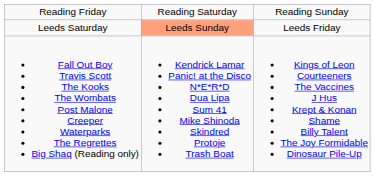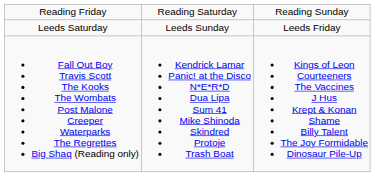 <table class="wikitable" style="text-align:center;">
 <tr>
 <td>Reading Friday</td>
 <td>Reading Saturday</td>
 <td>Reading Sunday</td>
 </tr>
 <tr>
 <td>Leeds Saturday</td>
-<td style="background: lightsalmon;">Leeds Sunday</td>
+<td>Leeds Sunday</td>
 <td>Leeds Friday</td>
 </tr>
 <tr>
 <td><br><ul><li><a href='#'>Fall Out Boy</a></li><li><a href='#'>Travis Scott</a></li><li><a href='#'>The Kooks</a></li><li><a href='#'>The Wombats</a></li><li><a href='#'>Post Malone</a></li><li><a href='#'>Creeper</a></li><li><a href='#'>Waterparks</a></li><li><a href='#'>The Regrettes</a></li><li><a href='#'>Big Shaq</a> (Reading only)</li></ul></td>
 <td><br><ul><li><a href='#'>Kendrick Lamar</a></li><li><a href='#'>Panic! at the Disco</a></li><li><a href='#'>N*E*R*D</a></li><li><a href='#'>Dua Lipa</a></li><li><a href='#'>Sum 41</a></li><li><a href='#'>Mike Shinoda</a></li><li><a href='#'>Skindred</a></li><li><a href='#'>Protoje</a></li><li><a href='#'>Trash Boat</a></li></ul></td>
 <td><br><ul><li><a href='#'>Kings of Leon</a></li><li><a href='#'>Courteeners</a></li><li><a href='#'>The Vaccines</a></li><li><a href='#'>J Hus</a></li><li><a href='#'>Krept & Konan</a></li><li><a href='#'>Shame</a></li><li><a href='#'>Billy Talent</a></li><li><a href='#'>The Joy Formidable</a></li><li><a href='#'>Dinosaur Pile-Up</a></li></ul></td>
 </tr>
 </table>
